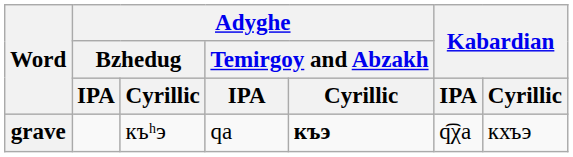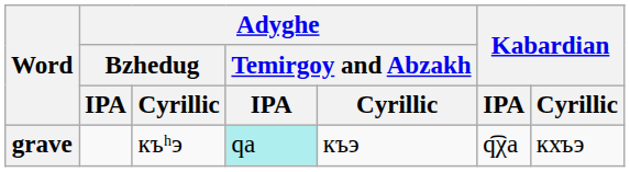 <table class="wikitable" border="1" text-align="right">
 <tr>
 <th rowspan="3">Word</th>
 <th colspan="4"><a href='#'>Adyghe</a></th>
 <th rowspan="2" colspan="2"><a href='#'>Kabardian</a></th>
 </tr>
 <tr>
 <th colspan="2">Bzhedug</th>
 <th colspan="2"><a href='#'>Temirgoy</a> and <a href='#'>Abzakh</a></th>
 </tr>
 <tr>
 <th>IPA</th>
 <th>Cyrillic</th>
 <th>IPA</th>
 <th>Cyrillic</th>
 <th>IPA</th>
 <th>Cyrillic</th>
 </tr>
 <tr>
 <th>grave</th>
 <td></td>
 <td>къʰэ</td>
-<td>qa</td>
-<td><strong>къэ</strong></td>
+<td style="background: paleturquoise;">qa</td>
+<td>къэ</td>
 <td>q͡χa</td>
 <td>кхъэ</td>
 </tr>
 </table>
